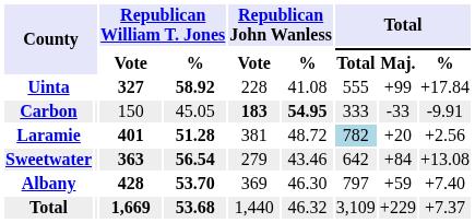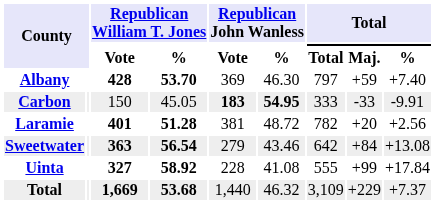 <table class="toccolours sortable" style="text-align:center;">
 <tr style="background:lavender">
 <th rowspan="3" colspan="2">County</th>
 <th colspan=2><a href='#'>Republican</a><br><a href='#'>William T. Jones</a></th>
 <th colspan=2><a href='#'>Republican</a><br>John Wanless</th>
 <th colspan=3>Total</th>
 </tr>
 <tr>
 <th colspan=2 style="background-color:"></th>
 <th colspan=2 style="background-color:"></th>
 <th colspan=3 style="background-color:#000000"></th>
 </tr>
 <tr>
 <th align="center">Vote</th>
 <th align="center">%</th>
 <th align="center">Vote</th>
 <th align="center">%</th>
 <th align="center">Total</th>
 <th align="center">Maj.</th>
 <th align="center">%</th>
 </tr>
 <tr>
-<th><a href='#'>Uinta</a></th>
+<th><a href='#'>Albany</a></th>
 <td style="background-color:"></td>
-<td><strong>327</strong></td>
-<td><strong>58.92</strong></td>
-<td>228</td>
-<td>41.08</td>
-<td>555</td>
-<td>+99</td>
-<td>+17.84</td>
+<td><strong>428</strong></td>
+<td><strong>53.70	</strong></td>
+<td>369</td>
+<td>46.30</td>
+<td>797</td>
+<td>+59</td>
+<td>+7.40</td>
 </tr>
 <tr style="background:#EEEEEE;">
 <th><a href='#'>Carbon</a></th>
 <td style="background-color:"></td>
 <td>150</td>
 <td>45.05</td>
 <td><strong>183</strong></td>
 <td><strong>54.95</strong></td>
 <td>333</td>
 <td>-33</td>
 <td>-9.91</td>
 </tr>
 <tr>
 <th><a href='#'>Laramie</a></th>
 <td style="background-color:"></td>
 <td><strong>401</strong></td>
 <td><strong>51.28</strong></td>
 <td>381</td>
 <td>48.72</td>
-<td style="background: lightblue;">782</td>
+<td>782</td>
 <td>+20</td>
 <td>+2.56</td>
 </tr>
 <tr style="background:#EEEEEE;">
 <th><a href='#'>Sweetwater</a></th>
 <td style="background-color:"></td>
 <td><strong>363</strong></td>
 <td><strong>56.54</strong></td>
 <td>279</td>
 <td>43.46</td>
 <td>642</td>
 <td>+84</td>
 <td>+13.08</td>
 </tr>
 <tr>
-<th><a href='#'>Albany</a></th>
+<th><a href='#'>Uinta</a></th>
 <td style="background-color:"></td>
-<td><strong>428</strong></td>
-<td><strong>53.70	</strong></td>
-<td>369</td>
-<td>46.30</td>
-<td>797</td>
-<td>+59</td>
-<td>+7.40</td>
+<td><strong>327</strong></td>
+<td><strong>58.92</strong></td>
+<td>228</td>
+<td>41.08</td>
+<td>555</td>
+<td>+99</td>
+<td>+17.84</td>
 </tr>
 <tr style="background:#EEEEEE;">
 <th>Total</th>
 <td style="background-color:"></td>
 <td><strong>1,669</strong></td>
 <td><strong>53.68</strong></td>
 <td>1,440</td>
 <td>46.32</td>
 <td>3,109</td>
 <td>+229</td>
 <td>+7.37</td>
 </tr>
 </table>
